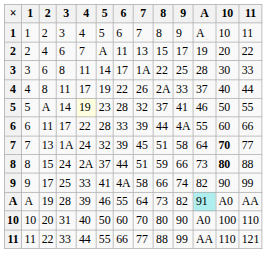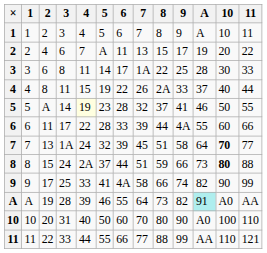 <table class="wikitable">
 <tr>
 <th>×</th>
 <th><strong>1</strong></th>
 <th><strong>2</strong></th>
 <th><strong>3</strong></th>
 <th><strong>4</strong></th>
 <th><strong>5</strong></th>
 <th><strong>6</strong></th>
 <th><strong>7</strong></th>
 <th><strong>8</strong></th>
 <th><strong>9</strong></th>
 <th><strong>A</strong></th>
 <th><strong>10</strong></th>
 <th><strong>11</strong></th>
 </tr>
 <tr>
 <th><strong>1</strong></th>
 <td>1</td>
 <td>2</td>
 <td>3</td>
 <td>4</td>
 <td>5</td>
 <td>6</td>
 <td>7</td>
 <td>8</td>
 <td>9</td>
 <td>A</td>
 <td>10</td>
 <td>11</td>
 </tr>
 <tr>
 <th><strong>2</strong></th>
 <td>2</td>
 <td>4</td>
 <td>6</td>
 <td>7</td>
 <td>A</td>
 <td>11</td>
 <td>13</td>
 <td>15</td>
 <td>17</td>
 <td>19</td>
 <td>20</td>
 <td>22</td>
 </tr>
 <tr>
 <th><strong>3</strong></th>
 <td>3</td>
 <td>6</td>
 <td>8</td>
 <td>11</td>
 <td>14</td>
 <td>17</td>
 <td>1A</td>
 <td>22</td>
 <td>25</td>
 <td>28</td>
 <td>30</td>
 <td>33</td>
 </tr>
 <tr>
 <th><strong>4</strong></th>
 <td>4</td>
 <td>8</td>
 <td>11</td>
-<td>17</td>
+<td>15</td>
 <td>19</td>
 <td>22</td>
 <td>26</td>
 <td>2A</td>
 <td>33</td>
 <td>37</td>
 <td>40</td>
 <td>44</td>
 </tr>
 <tr>
 <th><strong>5</strong></th>
 <td>5</td>
 <td>A</td>
 <td>14</td>
 <td style="background: lightyellow;">19</td>
 <td>23</td>
 <td>28</td>
 <td>32</td>
 <td>37</td>
 <td>41</td>
 <td>46</td>
 <td>50</td>
 <td>55</td>
 </tr>
 <tr>
 <th><strong>6</strong></th>
 <td>6</td>
 <td>11</td>
 <td>17</td>
 <td>22</td>
 <td>28</td>
 <td>33</td>
 <td>39</td>
 <td>44</td>
 <td>4A</td>
 <td>55</td>
 <td>60</td>
 <td>66</td>
 </tr>
 <tr>
 <th><strong>7</strong></th>
 <td>7</td>
 <td>13</td>
 <td>1A</td>
 <td>24</td>
 <td>32</td>
 <td>39</td>
 <td>45</td>
 <td>51</td>
 <td>58</td>
 <td>64</td>
 <td><strong>70</strong></td>
 <td>77</td>
 </tr>
 <tr>
 <th><strong>8</strong></th>
 <td>8</td>
 <td>15</td>
 <td>24</td>
 <td>2A</td>
 <td>37</td>
 <td>44</td>
 <td>51</td>
 <td>59</td>
 <td>66</td>
 <td>73</td>
 <td><strong>80</strong></td>
 <td>88</td>
 </tr>
 <tr>
 <th><strong>9</strong></th>
 <td>9</td>
 <td>17</td>
 <td>25</td>
 <td>33</td>
 <td>41</td>
 <td>4A</td>
 <td>58</td>
 <td>66</td>
 <td>74</td>
 <td>82</td>
 <td>90</td>
 <td>99</td>
 </tr>
 <tr>
 <th><strong>A</strong></th>
 <td>A</td>
 <td>19</td>
 <td>28</td>
 <td>39</td>
 <td>46</td>
 <td>55</td>
 <td>64</td>
 <td>73</td>
 <td>82</td>
 <td style="background: paleturquoise;">91</td>
 <td>A0</td>
 <td>AA</td>
 </tr>
 <tr>
 <th><strong>10</strong></th>
 <td>10</td>
 <td>20</td>
 <td>31</td>
 <td>40</td>
 <td>50</td>
 <td>60</td>
 <td>70</td>
 <td>80</td>
 <td>90</td>
 <td>A0</td>
 <td>100</td>
 <td>110</td>
 </tr>
 <tr>
 <th><strong>11</strong></th>
 <td>11</td>
 <td>22</td>
 <td>33</td>
 <td>44</td>
 <td>55</td>
 <td>66</td>
 <td>77</td>
 <td>88</td>
 <td>99</td>
 <td>AA</td>
 <td>110</td>
 <td>121</td>
 </tr>
 </table>
